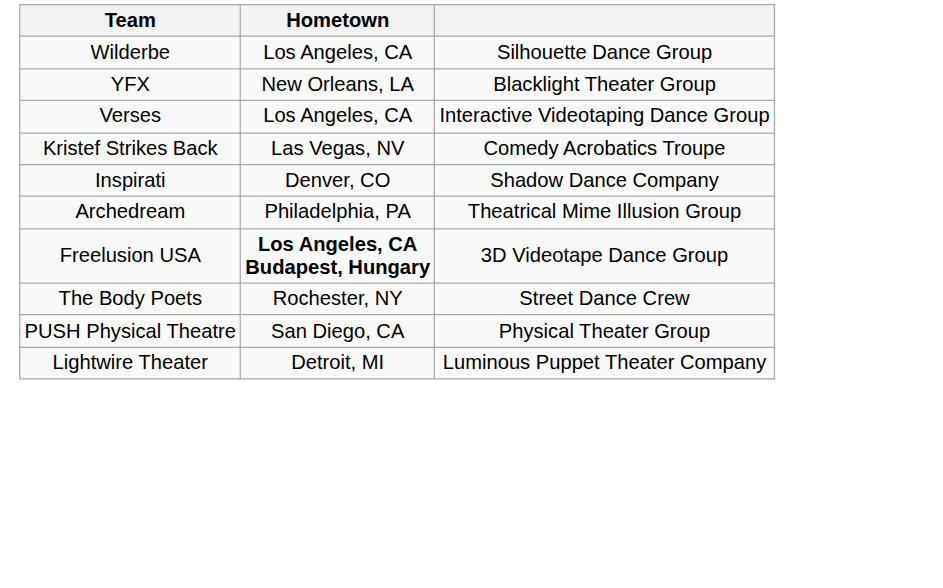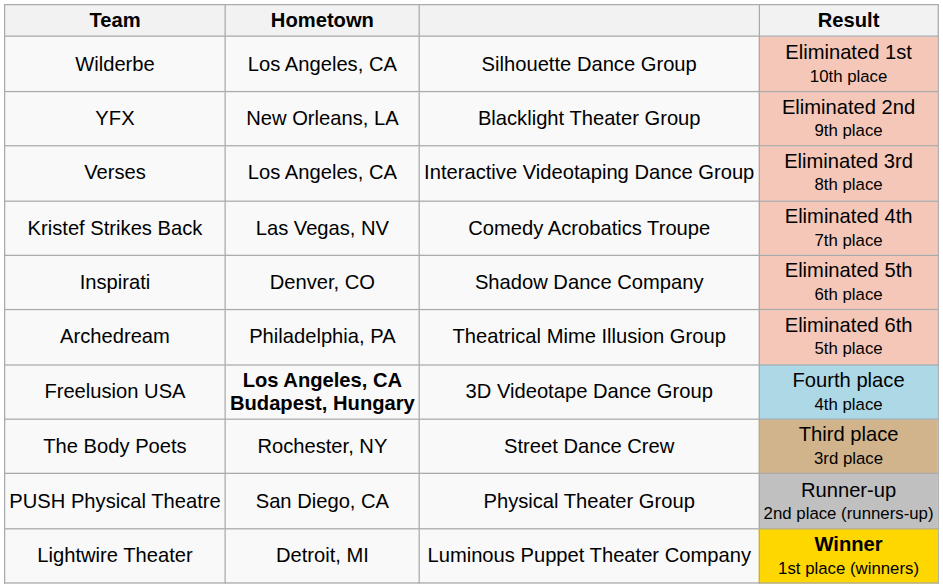 <table class="wikitable sortable" style="text-align: center; white-space:nowrap; margin:auto; align: center">
 <tr>
 <th>Team</th>
 <th class="unsortable">Hometown</th>
 <th class="unstable"></th>
+<th class="unsortable">Result</th>
 </tr>
 <tr>
 <td>Wilderbe</td>
 <td>Los Angeles, CA</td>
 <td>Silhouette Dance Group</td>
+<td bgcolor="#F4C7B8">Eliminated 1st<br><small>10th place</small></td>
 </tr>
 <tr>
 <td>YFX</td>
 <td>New Orleans, LA</td>
 <td>Blacklight Theater Group</td>
+<td bgcolor="#F4C7B8">Eliminated 2nd<br><small>9th place</small></td>
 </tr>
 <tr>
 <td>Verses</td>
 <td>Los Angeles, CA</td>
 <td>Interactive Videotaping Dance Group</td>
+<td bgcolor="#F4C7B8">Eliminated 3rd<br><small>8th place</small></td>
 </tr>
 <tr>
 <td>Kristef Strikes Back</td>
 <td>Las Vegas, NV</td>
 <td>Comedy Acrobatics Troupe</td>
+<td bgcolor="#F4C7B8">Eliminated 4th<br><small>7th place</small></td>
 </tr>
 <tr>
 <td>Inspirati</td>
 <td>Denver, CO</td>
 <td>Shadow Dance Company</td>
+<td bgcolor="#F4C7B8">Eliminated 5th<br><small>6th place</small></td>
 </tr>
 <tr>
 <td>Archedream</td>
 <td>Philadelphia, PA</td>
 <td>Theatrical Mime Illusion Group</td>
+<td bgcolor="#F4C7B8">Eliminated 6th<br><small>5th place</small></td>
 </tr>
 <tr>
 <td>Freelusion USA</td>
 <td><strong>Los Angeles, CA<br>Budapest, Hungary</strong></td>
 <td>3D Videotape Dance Group</td>
+<td bgcolor="lightblue">Fourth place<br><small>4th place</small></td>
 </tr>
 <tr>
 <td>The Body Poets</td>
 <td>Rochester, NY</td>
 <td>Street Dance Crew</td>
+<td bgcolor="tan">Third place<br><small>3rd place</small></td>
 </tr>
 <tr>
 <td>PUSH Physical Theatre</td>
 <td>San Diego, CA</td>
 <td>Physical Theater Group</td>
+<td bgcolor="silver">Runner-up<br><small>2nd place (runners-up)</small></td>
 </tr>
 <tr>
 <td>Lightwire Theater</td>
 <td>Detroit, MI</td>
 <td>Luminous Puppet Theater Company</td>
+<td bgcolor="gold"><strong>Winner</strong><br><small>1st place (winners)</small></td>
 </tr>
 </table>
